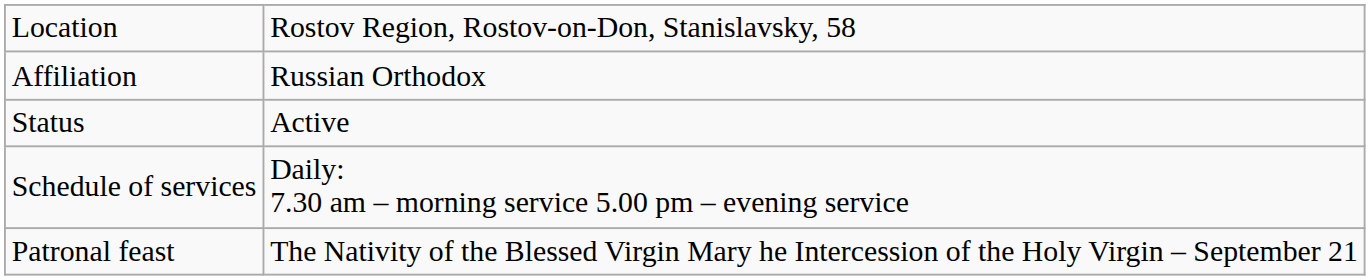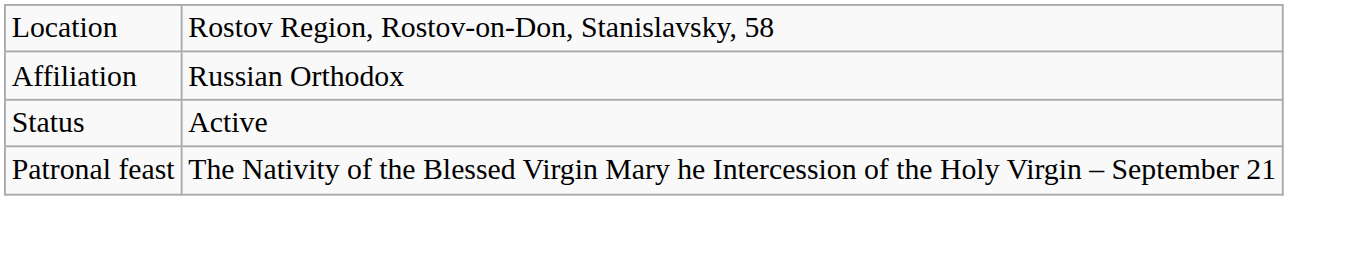 <table class="wikitable">
 <tr>
 <td>Location</td>
 <td>Rostov Region, Rostov-on-Don, Stanislavsky, 58</td>
 </tr>
 <tr>
 <td>Affiliation</td>
 <td>Russian Orthodox</td>
 </tr>
 <tr>
 <td>Status</td>
 <td>Active</td>
 </tr>
 <tr>
-<td>Schedule of services</td>
-<td>Daily:<br>7.30 am – morning service 5.00 pm – evening service</td>
-</tr>
-<tr>
 <td>Patronal feast</td>
 <td>The Nativity of the Blessed Virgin Mary he Intercession of the Holy Virgin – September 21</td>
 </tr>
 </table>
